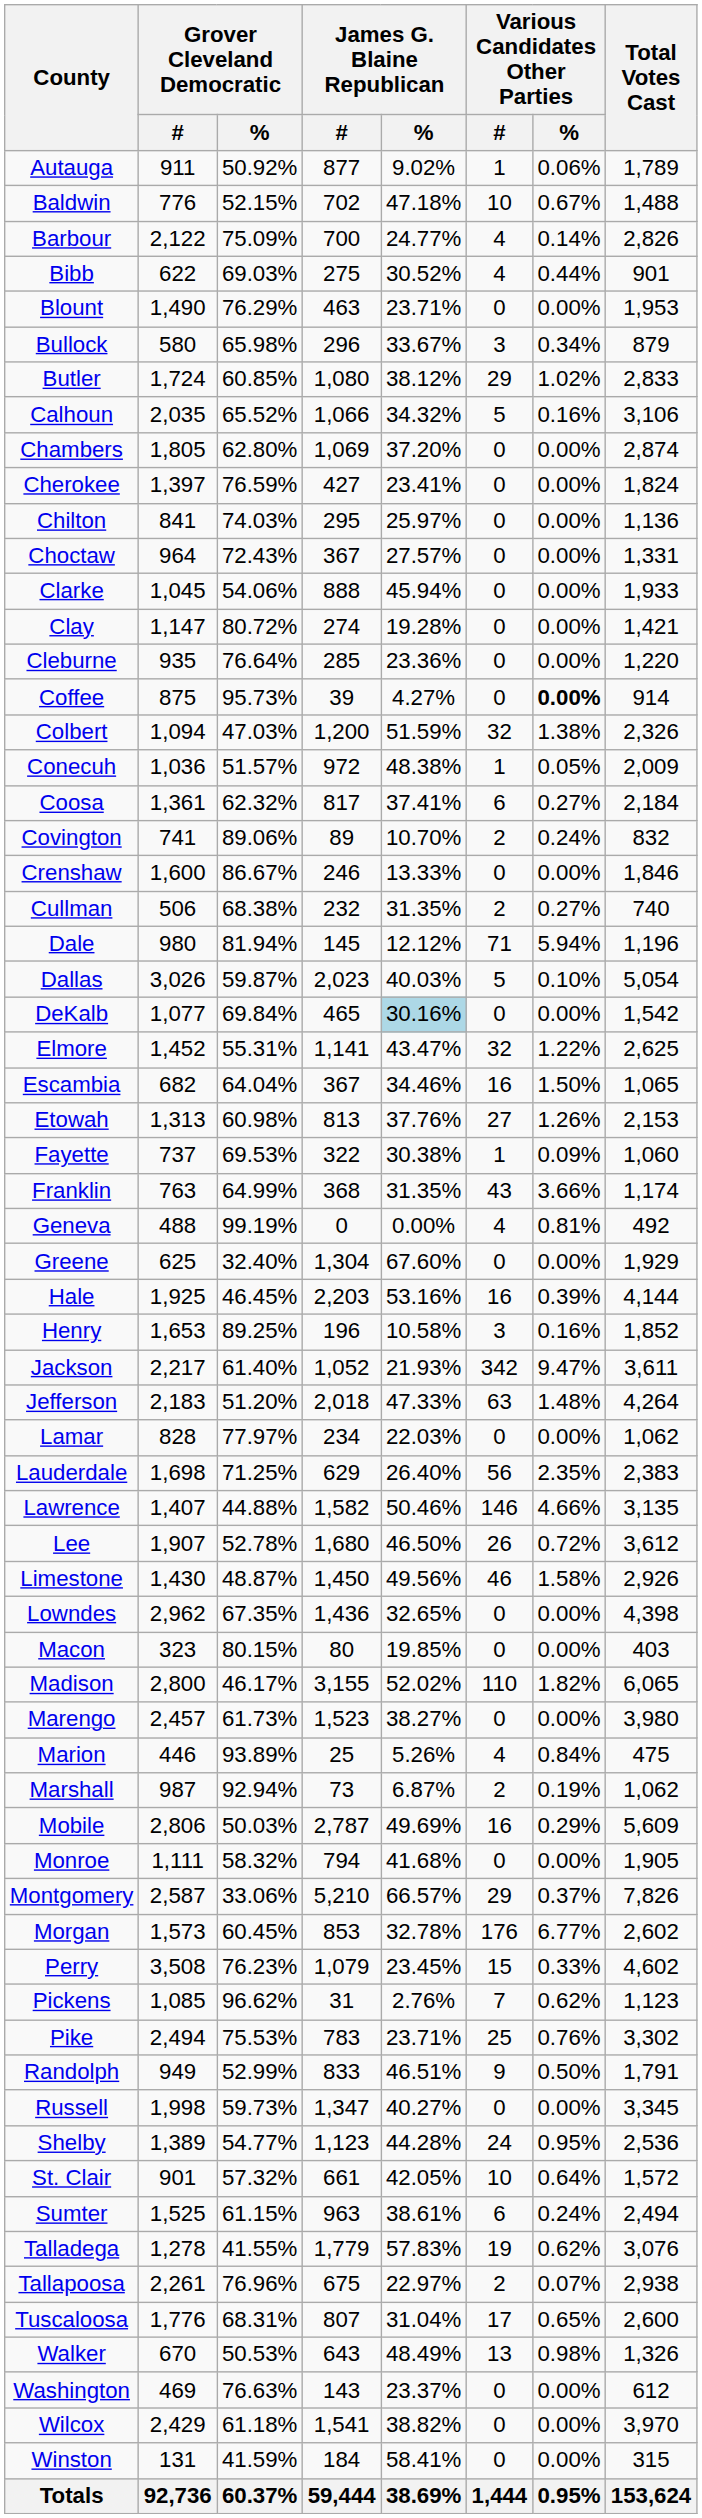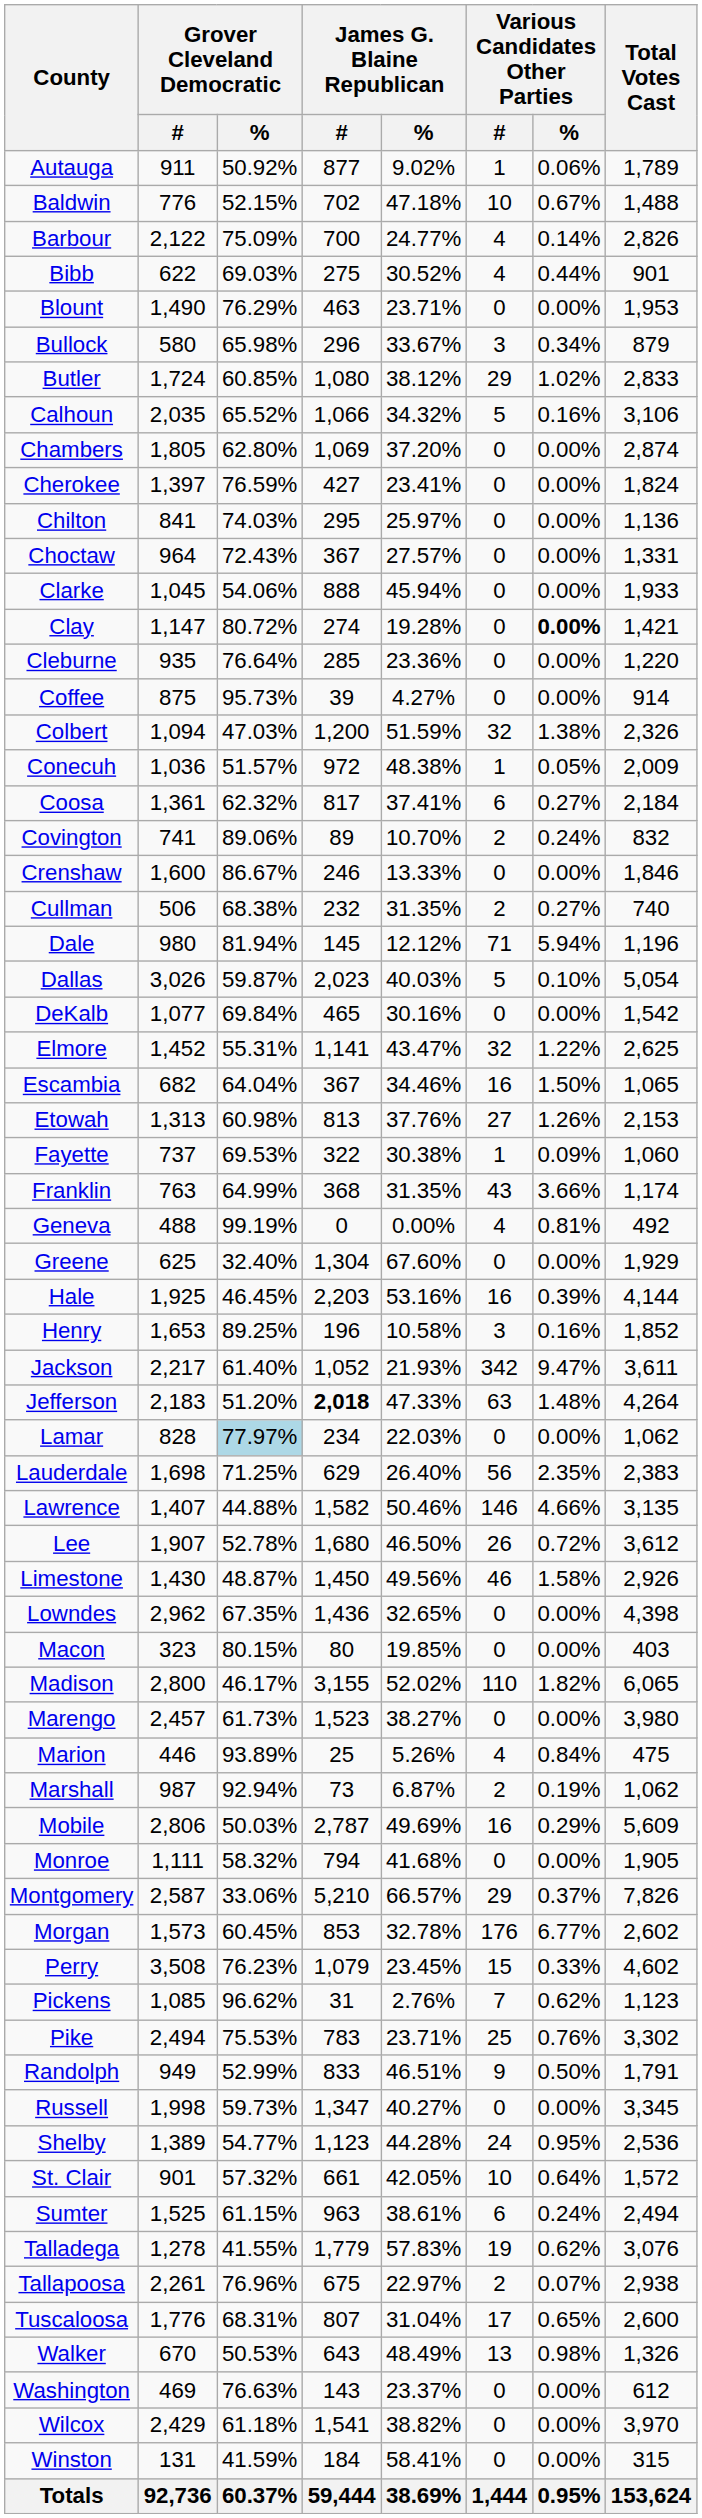 <table class="wikitable sortable" width="60%">
 <tr>
 <th rowspan="2">County</th>
 <th colspan="2">Grover Cleveland<br>Democratic</th>
 <th colspan="2">James G. Blaine<br>Republican</th>
 <th colspan="2">Various Candidates<br>Other Parties</th>
 <th rowspan="2">Total Votes Cast</th>
 </tr>
 <tr>
 <th data-sort-type="number" style="text-align:center;">#</th>
 <th data-sort-type="number" style="text-align:center;">%</th>
 <th data-sort-type="number" style="text-align:center;">#</th>
 <th data-sort-type="number" style="text-align:center;">%</th>
 <th>#</th>
 <th>%</th>
 </tr>
 <tr style="text-align:center;">
 <td><a href='#'>Autauga</a></td>
 <td>911</td>
 <td>50.92%</td>
 <td>877</td>
 <td>9.02%</td>
 <td>1</td>
 <td>0.06%</td>
 <td>1,789</td>
 </tr>
 <tr style="text-align:center;">
 <td><a href='#'>Baldwin</a></td>
 <td>776</td>
 <td>52.15%</td>
 <td>702</td>
 <td>47.18%</td>
 <td>10</td>
 <td>0.67%</td>
 <td>1,488</td>
 </tr>
 <tr style="text-align:center;">
 <td><a href='#'>Barbour</a></td>
 <td>2,122</td>
 <td>75.09%</td>
 <td>700</td>
 <td>24.77%</td>
 <td>4</td>
 <td>0.14%</td>
 <td>2,826</td>
 </tr>
 <tr style="text-align:center;">
 <td><a href='#'>Bibb</a></td>
 <td>622</td>
 <td>69.03%</td>
 <td>275</td>
 <td>30.52%</td>
 <td>4</td>
 <td>0.44%</td>
 <td>901</td>
 </tr>
 <tr style="text-align:center;">
 <td><a href='#'>Blount</a></td>
 <td>1,490</td>
 <td>76.29%</td>
 <td>463</td>
 <td>23.71%</td>
 <td>0</td>
 <td>0.00%</td>
 <td>1,953</td>
 </tr>
 <tr style="text-align:center;">
 <td><a href='#'>Bullock</a></td>
 <td>580</td>
 <td>65.98%</td>
 <td>296</td>
 <td>33.67%</td>
 <td>3</td>
 <td>0.34%</td>
 <td>879</td>
 </tr>
 <tr style="text-align:center;">
 <td><a href='#'>Butler</a></td>
 <td>1,724</td>
 <td>60.85%</td>
 <td>1,080</td>
 <td>38.12%</td>
 <td>29</td>
 <td>1.02%</td>
 <td>2,833</td>
 </tr>
 <tr style="text-align:center;">
 <td><a href='#'>Calhoun</a></td>
 <td>2,035</td>
 <td>65.52%</td>
 <td>1,066</td>
 <td>34.32%</td>
 <td>5</td>
 <td>0.16%</td>
 <td>3,106</td>
 </tr>
 <tr style="text-align:center;">
 <td><a href='#'>Chambers</a></td>
 <td>1,805</td>
 <td>62.80%</td>
 <td>1,069</td>
 <td>37.20%</td>
 <td>0</td>
 <td>0.00%</td>
 <td>2,874</td>
 </tr>
 <tr style="text-align:center;">
 <td><a href='#'>Cherokee</a></td>
 <td>1,397</td>
 <td>76.59%</td>
 <td>427</td>
 <td>23.41%</td>
 <td>0</td>
 <td>0.00%</td>
 <td>1,824</td>
 </tr>
 <tr style="text-align:center;">
 <td><a href='#'>Chilton</a></td>
 <td>841</td>
 <td>74.03%</td>
 <td>295</td>
 <td>25.97%</td>
 <td>0</td>
 <td>0.00%</td>
 <td>1,136</td>
 </tr>
 <tr style="text-align:center;">
 <td><a href='#'>Choctaw</a></td>
 <td>964</td>
 <td>72.43%</td>
 <td>367</td>
 <td>27.57%</td>
 <td>0</td>
 <td>0.00%</td>
 <td>1,331</td>
 </tr>
 <tr style="text-align:center;">
 <td><a href='#'>Clarke</a></td>
 <td>1,045</td>
 <td>54.06%</td>
 <td>888</td>
 <td>45.94%</td>
 <td>0</td>
 <td>0.00%</td>
 <td>1,933</td>
 </tr>
 <tr style="text-align:center;">
 <td><a href='#'>Clay</a></td>
 <td>1,147</td>
 <td>80.72%</td>
 <td>274</td>
 <td>19.28%</td>
 <td>0</td>
-<td>0.00%</td>
+<td><strong>0.00%</strong></td>
 <td>1,421</td>
 </tr>
 <tr style="text-align:center;">
 <td><a href='#'>Cleburne</a></td>
 <td>935</td>
 <td>76.64%</td>
 <td>285</td>
 <td>23.36%</td>
 <td>0</td>
 <td>0.00%</td>
 <td>1,220</td>
 </tr>
 <tr style="text-align:center;">
 <td><a href='#'>Coffee</a></td>
 <td>875</td>
 <td>95.73%</td>
 <td>39</td>
 <td>4.27%</td>
 <td>0</td>
-<td><strong>0.00%</strong></td>
+<td>0.00%</td>
 <td>914</td>
 </tr>
 <tr style="text-align:center;">
 <td><a href='#'>Colbert</a></td>
 <td>1,094</td>
 <td>47.03%</td>
 <td>1,200</td>
 <td>51.59%</td>
 <td>32</td>
 <td>1.38%</td>
 <td>2,326</td>
 </tr>
 <tr style="text-align:center;">
 <td><a href='#'>Conecuh</a></td>
 <td>1,036</td>
 <td>51.57%</td>
 <td>972</td>
 <td>48.38%</td>
 <td>1</td>
 <td>0.05%</td>
 <td>2,009</td>
 </tr>
 <tr style="text-align:center;">
 <td><a href='#'>Coosa</a></td>
 <td>1,361</td>
 <td>62.32%</td>
 <td>817</td>
 <td>37.41%</td>
 <td>6</td>
 <td>0.27%</td>
 <td>2,184</td>
 </tr>
 <tr style="text-align:center;">
 <td><a href='#'>Covington</a></td>
 <td>741</td>
 <td>89.06%</td>
 <td>89</td>
 <td>10.70%</td>
 <td>2</td>
 <td>0.24%</td>
 <td>832</td>
 </tr>
 <tr style="text-align:center;">
 <td><a href='#'>Crenshaw</a></td>
 <td>1,600</td>
 <td>86.67%</td>
 <td>246</td>
 <td>13.33%</td>
 <td>0</td>
 <td>0.00%</td>
 <td>1,846</td>
 </tr>
 <tr style="text-align:center;">
 <td><a href='#'>Cullman</a></td>
 <td>506</td>
 <td>68.38%</td>
 <td>232</td>
 <td>31.35%</td>
 <td>2</td>
 <td>0.27%</td>
 <td>740</td>
 </tr>
 <tr style="text-align:center;">
 <td><a href='#'>Dale</a></td>
 <td>980</td>
 <td>81.94%</td>
 <td>145</td>
 <td>12.12%</td>
 <td>71</td>
 <td>5.94%</td>
 <td>1,196</td>
 </tr>
 <tr style="text-align:center;">
 <td><a href='#'>Dallas</a></td>
 <td>3,026</td>
 <td>59.87%</td>
 <td>2,023</td>
 <td>40.03%</td>
 <td>5</td>
 <td>0.10%</td>
 <td>5,054</td>
 </tr>
 <tr style="text-align:center;">
 <td><a href='#'>DeKalb</a></td>
 <td>1,077</td>
 <td>69.84%</td>
 <td>465</td>
-<td style="background: lightblue;">30.16%</td>
+<td>30.16%</td>
 <td>0</td>
 <td>0.00%</td>
 <td>1,542</td>
 </tr>
 <tr style="text-align:center;">
 <td><a href='#'>Elmore</a></td>
 <td>1,452</td>
 <td>55.31%</td>
 <td>1,141</td>
 <td>43.47%</td>
 <td>32</td>
 <td>1.22%</td>
 <td>2,625</td>
 </tr>
 <tr style="text-align:center;">
 <td><a href='#'>Escambia</a></td>
 <td>682</td>
 <td>64.04%</td>
 <td>367</td>
 <td>34.46%</td>
 <td>16</td>
 <td>1.50%</td>
 <td>1,065</td>
 </tr>
 <tr style="text-align:center;">
 <td><a href='#'>Etowah</a></td>
 <td>1,313</td>
 <td>60.98%</td>
 <td>813</td>
 <td>37.76%</td>
 <td>27</td>
 <td>1.26%</td>
 <td>2,153</td>
 </tr>
 <tr style="text-align:center;">
 <td><a href='#'>Fayette</a></td>
 <td>737</td>
 <td>69.53%</td>
 <td>322</td>
 <td>30.38%</td>
 <td>1</td>
 <td>0.09%</td>
 <td>1,060</td>
 </tr>
 <tr style="text-align:center;">
 <td><a href='#'>Franklin</a></td>
 <td>763</td>
 <td>64.99%</td>
 <td>368</td>
 <td>31.35%</td>
 <td>43</td>
 <td>3.66%</td>
 <td>1,174</td>
 </tr>
 <tr style="text-align:center;">
 <td><a href='#'>Geneva</a></td>
 <td>488</td>
 <td>99.19%</td>
 <td>0</td>
 <td>0.00%</td>
 <td>4</td>
 <td>0.81%</td>
 <td>492</td>
 </tr>
 <tr style="text-align:center;">
 <td><a href='#'>Greene</a></td>
 <td>625</td>
 <td>32.40%</td>
 <td>1,304</td>
 <td>67.60%</td>
 <td>0</td>
 <td>0.00%</td>
 <td>1,929</td>
 </tr>
 <tr style="text-align:center;">
 <td><a href='#'>Hale</a></td>
 <td>1,925</td>
 <td>46.45%</td>
 <td>2,203</td>
 <td>53.16%</td>
 <td>16</td>
 <td>0.39%</td>
 <td>4,144</td>
 </tr>
 <tr style="text-align:center;">
 <td><a href='#'>Henry</a></td>
 <td>1,653</td>
 <td>89.25%</td>
 <td>196</td>
 <td>10.58%</td>
 <td>3</td>
 <td>0.16%</td>
 <td>1,852</td>
 </tr>
 <tr style="text-align:center;">
 <td><a href='#'>Jackson</a></td>
 <td>2,217</td>
 <td>61.40%</td>
 <td>1,052</td>
 <td>21.93%</td>
 <td>342</td>
 <td>9.47%</td>
 <td>3,611</td>
 </tr>
 <tr style="text-align:center;">
 <td><a href='#'>Jefferson</a></td>
 <td>2,183</td>
 <td>51.20%</td>
-<td>2,018</td>
+<td><strong>2,018</strong></td>
 <td>47.33%</td>
 <td>63</td>
 <td>1.48%</td>
 <td>4,264</td>
 </tr>
 <tr style="text-align:center;">
 <td><a href='#'>Lamar</a></td>
 <td>828</td>
-<td>77.97%</td>
+<td style="background: lightblue;">77.97%</td>
 <td>234</td>
 <td>22.03%</td>
 <td>0</td>
 <td>0.00%</td>
 <td>1,062</td>
 </tr>
 <tr style="text-align:center;">
 <td><a href='#'>Lauderdale</a></td>
 <td>1,698</td>
 <td>71.25%</td>
 <td>629</td>
 <td>26.40%</td>
 <td>56</td>
 <td>2.35%</td>
 <td>2,383</td>
 </tr>
 <tr style="text-align:center;">
 <td><a href='#'>Lawrence</a></td>
 <td>1,407</td>
 <td>44.88%</td>
 <td>1,582</td>
 <td>50.46%</td>
 <td>146</td>
 <td>4.66%</td>
 <td>3,135</td>
 </tr>
 <tr style="text-align:center;">
 <td><a href='#'>Lee</a></td>
 <td>1,907</td>
 <td>52.78%</td>
 <td>1,680</td>
 <td>46.50%</td>
 <td>26</td>
 <td>0.72%</td>
 <td>3,612</td>
 </tr>
 <tr style="text-align:center;">
 <td><a href='#'>Limestone</a></td>
 <td>1,430</td>
 <td>48.87%</td>
 <td>1,450</td>
 <td>49.56%</td>
 <td>46</td>
 <td>1.58%</td>
 <td>2,926</td>
 </tr>
 <tr style="text-align:center;">
 <td><a href='#'>Lowndes</a></td>
 <td>2,962</td>
 <td>67.35%</td>
 <td>1,436</td>
 <td>32.65%</td>
 <td>0</td>
 <td>0.00%</td>
 <td>4,398</td>
 </tr>
 <tr style="text-align:center;">
 <td><a href='#'>Macon</a></td>
 <td>323</td>
 <td>80.15%</td>
 <td>80</td>
 <td>19.85%</td>
 <td>0</td>
 <td>0.00%</td>
 <td>403</td>
 </tr>
 <tr style="text-align:center;">
 <td><a href='#'>Madison</a></td>
 <td>2,800</td>
 <td>46.17%</td>
 <td>3,155</td>
 <td>52.02%</td>
 <td>110</td>
 <td>1.82%</td>
 <td>6,065</td>
 </tr>
 <tr style="text-align:center;">
 <td><a href='#'>Marengo</a></td>
 <td>2,457</td>
 <td>61.73%</td>
 <td>1,523</td>
 <td>38.27%</td>
 <td>0</td>
 <td>0.00%</td>
 <td>3,980</td>
 </tr>
 <tr style="text-align:center;">
 <td><a href='#'>Marion</a></td>
 <td>446</td>
 <td>93.89%</td>
 <td>25</td>
 <td>5.26%</td>
 <td>4</td>
 <td>0.84%</td>
 <td>475</td>
 </tr>
 <tr style="text-align:center;">
 <td><a href='#'>Marshall</a></td>
 <td>987</td>
 <td>92.94%</td>
 <td>73</td>
 <td>6.87%</td>
 <td>2</td>
 <td>0.19%</td>
 <td>1,062</td>
 </tr>
 <tr style="text-align:center;">
 <td><a href='#'>Mobile</a></td>
 <td>2,806</td>
 <td>50.03%</td>
 <td>2,787</td>
 <td>49.69%</td>
 <td>16</td>
 <td>0.29%</td>
 <td>5,609</td>
 </tr>
 <tr style="text-align:center;">
 <td><a href='#'>Monroe</a></td>
 <td>1,111</td>
 <td>58.32%</td>
 <td>794</td>
 <td>41.68%</td>
 <td>0</td>
 <td>0.00%</td>
 <td>1,905</td>
 </tr>
 <tr style="text-align:center;">
 <td><a href='#'>Montgomery</a></td>
 <td>2,587</td>
 <td>33.06%</td>
 <td>5,210</td>
 <td>66.57%</td>
 <td>29</td>
 <td>0.37%</td>
 <td>7,826</td>
 </tr>
 <tr style="text-align:center;">
 <td><a href='#'>Morgan</a></td>
 <td>1,573</td>
 <td>60.45%</td>
 <td>853</td>
 <td>32.78%</td>
 <td>176</td>
 <td>6.77%</td>
 <td>2,602</td>
 </tr>
 <tr style="text-align:center;">
 <td><a href='#'>Perry</a></td>
 <td>3,508</td>
 <td>76.23%</td>
 <td>1,079</td>
 <td>23.45%</td>
 <td>15</td>
 <td>0.33%</td>
 <td>4,602</td>
 </tr>
 <tr style="text-align:center;">
 <td><a href='#'>Pickens</a></td>
 <td>1,085</td>
 <td>96.62%</td>
 <td>31</td>
 <td>2.76%</td>
 <td>7</td>
 <td>0.62%</td>
 <td>1,123</td>
 </tr>
 <tr style="text-align:center;">
 <td><a href='#'>Pike</a></td>
 <td>2,494</td>
 <td>75.53%</td>
 <td>783</td>
 <td>23.71%</td>
 <td>25</td>
 <td>0.76%</td>
 <td>3,302</td>
 </tr>
 <tr style="text-align:center;">
 <td><a href='#'>Randolph</a></td>
 <td>949</td>
 <td>52.99%</td>
 <td>833</td>
 <td>46.51%</td>
 <td>9</td>
 <td>0.50%</td>
 <td>1,791</td>
 </tr>
 <tr style="text-align:center;">
 <td><a href='#'>Russell</a></td>
 <td>1,998</td>
 <td>59.73%</td>
 <td>1,347</td>
 <td>40.27%</td>
 <td>0</td>
 <td>0.00%</td>
 <td>3,345</td>
 </tr>
 <tr style="text-align:center;">
 <td><a href='#'>Shelby</a></td>
 <td>1,389</td>
 <td>54.77%</td>
 <td>1,123</td>
 <td>44.28%</td>
 <td>24</td>
 <td>0.95%</td>
 <td>2,536</td>
 </tr>
 <tr style="text-align:center;">
 <td><a href='#'>St. Clair</a></td>
 <td>901</td>
 <td>57.32%</td>
 <td>661</td>
 <td>42.05%</td>
 <td>10</td>
 <td>0.64%</td>
 <td>1,572</td>
 </tr>
 <tr style="text-align:center;">
 <td><a href='#'>Sumter</a></td>
 <td>1,525</td>
 <td>61.15%</td>
 <td>963</td>
 <td>38.61%</td>
 <td>6</td>
 <td>0.24%</td>
 <td>2,494</td>
 </tr>
 <tr style="text-align:center;">
 <td><a href='#'>Talladega</a></td>
 <td>1,278</td>
 <td>41.55%</td>
 <td>1,779</td>
 <td>57.83%</td>
 <td>19</td>
 <td>0.62%</td>
 <td>3,076</td>
 </tr>
 <tr style="text-align:center;">
 <td><a href='#'>Tallapoosa</a></td>
 <td>2,261</td>
 <td>76.96%</td>
 <td>675</td>
 <td>22.97%</td>
 <td>2</td>
 <td>0.07%</td>
 <td>2,938</td>
 </tr>
 <tr style="text-align:center;">
 <td><a href='#'>Tuscaloosa</a></td>
 <td>1,776</td>
 <td>68.31%</td>
 <td>807</td>
 <td>31.04%</td>
 <td>17</td>
 <td>0.65%</td>
 <td>2,600</td>
 </tr>
 <tr style="text-align:center;">
 <td><a href='#'>Walker</a></td>
 <td>670</td>
 <td>50.53%</td>
 <td>643</td>
 <td>48.49%</td>
 <td>13</td>
 <td>0.98%</td>
 <td>1,326</td>
 </tr>
 <tr style="text-align:center;">
 <td><a href='#'>Washington</a></td>
 <td>469</td>
 <td>76.63%</td>
 <td>143</td>
 <td>23.37%</td>
 <td>0</td>
 <td>0.00%</td>
 <td>612</td>
 </tr>
 <tr style="text-align:center;">
 <td><a href='#'>Wilcox</a></td>
 <td>2,429</td>
 <td>61.18%</td>
 <td>1,541</td>
 <td>38.82%</td>
 <td>0</td>
 <td>0.00%</td>
 <td>3,970</td>
 </tr>
 <tr style="text-align:center;">
 <td><a href='#'>Winston</a></td>
 <td>131</td>
 <td>41.59%</td>
 <td>184</td>
 <td>58.41%</td>
 <td>0</td>
 <td>0.00%</td>
 <td>315</td>
 </tr>
 <tr>
 <th>Totals</th>
 <th>92,736</th>
 <th>60.37%</th>
 <th>59,444</th>
 <th>38.69%</th>
 <th>1,444</th>
 <th>0.95%</th>
 <th>153,624</th>
 </tr>
 </table>
